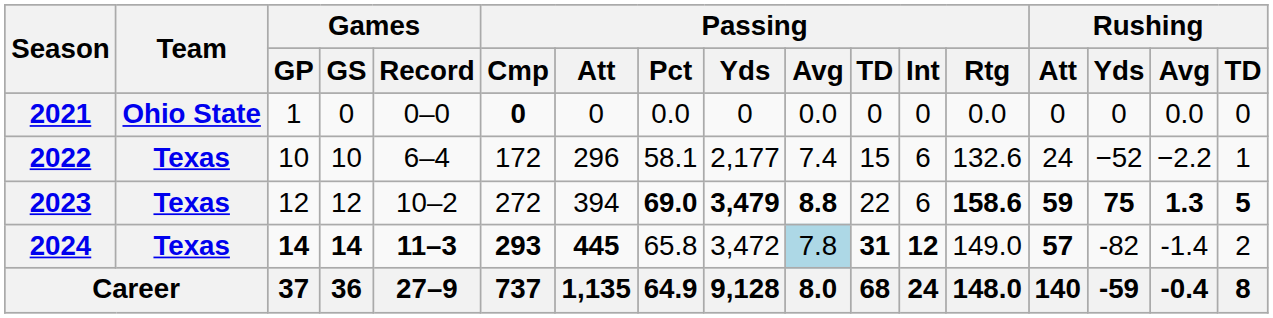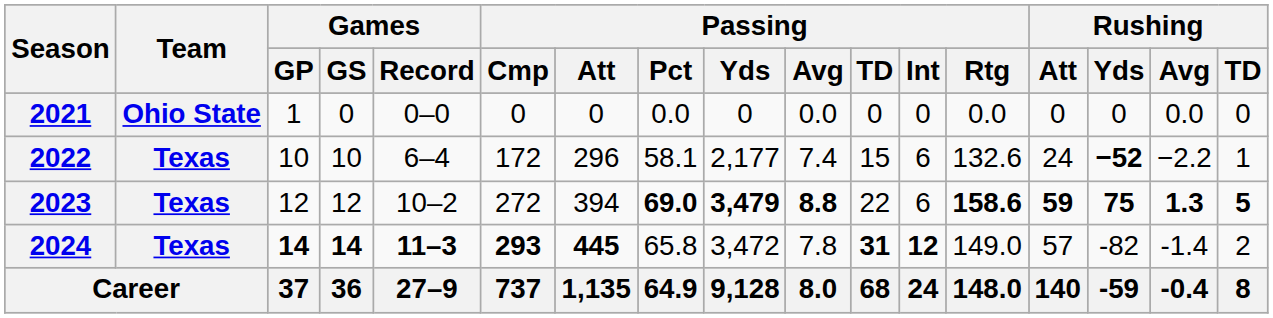 <table class="wikitable" style="text-align:center;">
 <tr>
 <th rowspan="2">Season</th>
 <th rowspan="2">Team</th>
 <th colspan="3">Games</th>
 <th colspan="8">Passing</th>
 <th colspan="5">Rushing</th>
 </tr>
 <tr>
 <th>GP</th>
 <th>GS</th>
 <th>Record</th>
 <th>Cmp</th>
 <th>Att</th>
 <th>Pct</th>
 <th>Yds</th>
 <th>Avg</th>
 <th>TD</th>
 <th>Int</th>
 <th>Rtg</th>
 <th>Att</th>
 <th>Yds</th>
 <th>Avg</th>
 <th>TD</th>
 </tr>
 <tr>
 <th><a href='#'>2021</a></th>
 <th><a href='#'>Ohio State</a></th>
 <td>1</td>
 <td>0</td>
 <td>0–0</td>
-<td><strong>0</strong></td>
+<td>0</td>
 <td>0</td>
 <td>0.0</td>
 <td>0</td>
 <td>0.0</td>
 <td>0</td>
 <td>0</td>
 <td>0.0</td>
 <td>0</td>
 <td>0</td>
 <td>0.0</td>
 <td>0</td>
 </tr>
 <tr>
 <th><a href='#'>2022</a></th>
 <th><a href='#'>Texas</a></th>
 <td>10</td>
 <td>10</td>
 <td>6–4</td>
 <td>172</td>
 <td>296</td>
 <td>58.1</td>
 <td>2,177</td>
 <td>7.4</td>
 <td>15</td>
 <td>6</td>
 <td>132.6</td>
 <td>24</td>
-<td>−52</td>
+<td><strong>−52</strong></td>
 <td>−2.2</td>
 <td>1</td>
 </tr>
 <tr>
 <th><a href='#'>2023</a></th>
 <th><a href='#'>Texas</a></th>
 <td>12</td>
 <td>12</td>
 <td>10–2</td>
 <td>272</td>
 <td>394</td>
 <td><strong>69.0</strong></td>
 <td><strong>3,479</strong></td>
 <td><strong>8.8</strong></td>
 <td>22</td>
 <td>6</td>
 <td><strong>158.6</strong></td>
 <td><strong>59</strong></td>
 <td><strong>75</strong></td>
 <td><strong>1.3</strong></td>
 <td><strong>5</strong></td>
 </tr>
 <tr>
 <th><a href='#'>2024</a></th>
 <th><a href='#'>Texas</a></th>
 <td><strong>14</strong></td>
 <td><strong>14</strong></td>
 <td><strong>11–3</strong></td>
 <td><strong>293</strong></td>
 <td><strong>445</strong></td>
 <td>65.8</td>
 <td>3,472</td>
-<td style="background: lightblue;">7.8</td>
+<td>7.8</td>
 <td><strong>31</strong></td>
 <td><strong>12</strong></td>
 <td>149.0</td>
-<td><strong>57</strong></td>
+<td>57</td>
 <td>-82</td>
 <td>-1.4</td>
 <td>2</td>
 </tr>
 <tr>
 <th colspan="2">Career</th>
 <th>37</th>
 <th>36</th>
 <th>27–9</th>
 <th>737</th>
 <th>1,135</th>
 <th>64.9</th>
 <th>9,128</th>
 <th>8.0</th>
 <th>68</th>
 <th>24</th>
 <th>148.0</th>
 <th>140</th>
 <th>-59</th>
 <th>-0.4</th>
 <th>8</th>
 </tr>
 </table>
